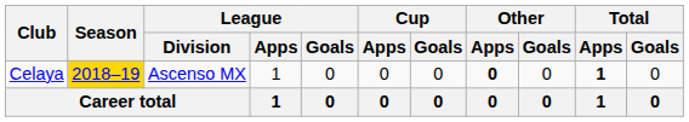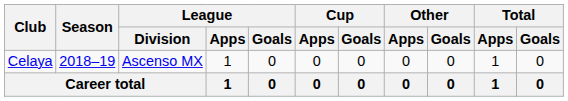 <table class="wikitable" style="text-align: center">
 <tr>
 <th rowspan="2">Club</th>
 <th rowspan="2">Season</th>
 <th colspan="3">League</th>
 <th colspan="2">Cup</th>
 <th colspan="2">Other</th>
 <th colspan="2">Total</th>
 </tr>
 <tr>
 <th>Division</th>
 <th>Apps</th>
 <th>Goals</th>
 <th>Apps</th>
 <th>Goals</th>
 <th>Apps</th>
 <th>Goals</th>
 <th>Apps</th>
 <th>Goals</th>
 </tr>
 <tr>
 <td><a href='#'>Celaya</a></td>
-<td style="background: gold;"><a href='#'>2018–19</a></td>
+<td><a href='#'>2018–19</a></td>
 <td><a href='#'>Ascenso MX</a></td>
 <td>1</td>
 <td>0</td>
 <td>0</td>
 <td>0</td>
-<td><strong>0</strong></td>
 <td>0</td>
-<td><strong>1</strong></td>
+<td>0</td>
+<td>1</td>
 <td>0</td>
 </tr>
 <tr>
 <th colspan="3"><strong>Career total</strong></th>
 <th>1</th>
 <th>0</th>
 <th>0</th>
 <th>0</th>
 <th>0</th>
 <th>0</th>
 <th>1</th>
 <th>0</th>
 </tr>
 </table>
